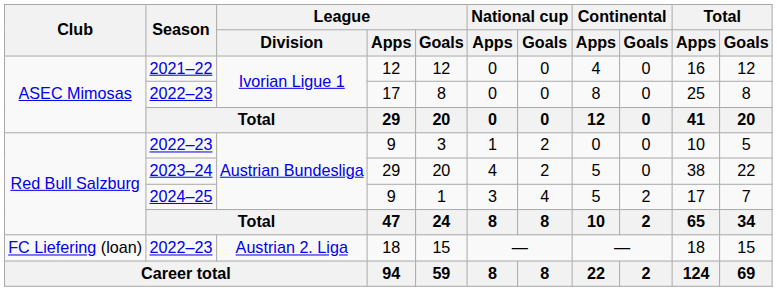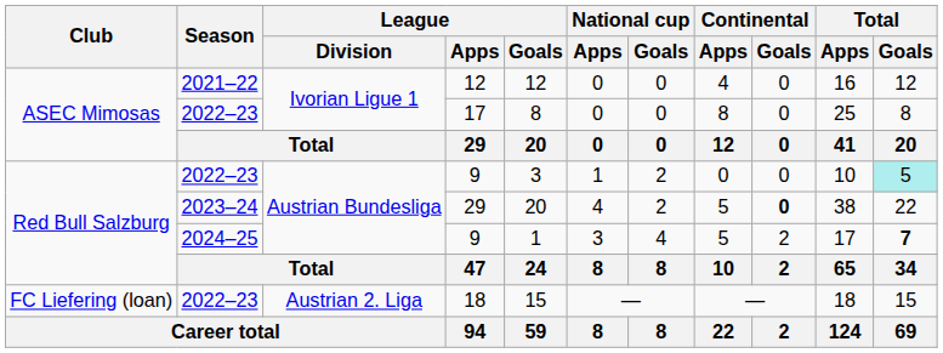 <table class="wikitable" style="text-align: center">
 <tr>
 <th rowspan="2">Club</th>
 <th rowspan="2">Season</th>
 <th colspan="3">League</th>
 <th colspan="2">National cup</th>
 <th colspan="2">Continental</th>
 <th colspan="2">Total</th>
 </tr>
 <tr>
 <th>Division</th>
 <th>Apps</th>
 <th>Goals</th>
 <th>Apps</th>
 <th>Goals</th>
 <th>Apps</th>
 <th>Goals</th>
 <th>Apps</th>
 <th>Goals</th>
 </tr>
 <tr>
 <td rowspan="3"><a href='#'>ASEC Mimosas</a></td>
 <td><a href='#'>2021–22</a></td>
 <td rowspan="2"><a href='#'>Ivorian Ligue 1</a></td>
 <td>12</td>
 <td>12</td>
 <td>0</td>
 <td>0</td>
 <td>4</td>
 <td>0</td>
 <td>16</td>
 <td>12</td>
 </tr>
 <tr>
 <td><a href='#'>2022–23</a></td>
 <td>17</td>
 <td>8</td>
 <td>0</td>
 <td>0</td>
 <td>8</td>
 <td>0</td>
 <td>25</td>
 <td>8</td>
 </tr>
 <tr>
 <th colspan="2">Total</th>
 <th>29</th>
 <th>20</th>
 <th>0</th>
 <th>0</th>
 <th>12</th>
 <th>0</th>
 <th>41</th>
 <th>20</th>
 </tr>
 <tr>
 <td rowspan="4"><a href='#'>Red Bull Salzburg</a></td>
 <td><a href='#'>2022–23</a></td>
 <td rowspan="3"><a href='#'>Austrian Bundesliga</a></td>
 <td>9</td>
 <td>3</td>
 <td>1</td>
 <td>2</td>
 <td>0</td>
 <td>0</td>
 <td>10</td>
-<td>5</td>
+<td style="background: paleturquoise;">5</td>
 </tr>
 <tr>
 <td><a href='#'>2023–24</a></td>
 <td>29</td>
 <td>20</td>
 <td>4</td>
 <td>2</td>
 <td>5</td>
-<td>0</td>
+<td><strong>0</strong></td>
 <td>38</td>
 <td>22</td>
 </tr>
 <tr>
 <td><a href='#'>2024–25</a></td>
 <td>9</td>
 <td>1</td>
 <td>3</td>
 <td>4</td>
 <td>5</td>
 <td>2</td>
 <td>17</td>
-<td>7</td>
+<td><strong>7</strong></td>
 </tr>
 <tr>
 <th colspan="2">Total</th>
 <th>47</th>
 <th>24</th>
 <th>8</th>
 <th>8</th>
 <th>10</th>
 <th>2</th>
 <th>65</th>
 <th>34</th>
 </tr>
 <tr>
 <td><a href='#'>FC Liefering</a> (loan)</td>
 <td><a href='#'>2022–23</a></td>
 <td><a href='#'>Austrian 2. Liga</a></td>
 <td>18</td>
 <td>15</td>
 <td colspan="2">—</td>
 <td colspan="2">—</td>
 <td>18</td>
 <td>15</td>
 </tr>
 <tr>
 <th colspan="3">Career total</th>
 <th>94</th>
 <th>59</th>
 <th>8</th>
 <th>8</th>
 <th>22</th>
 <th>2</th>
 <th>124</th>
 <th>69</th>
 </tr>
 </table>
